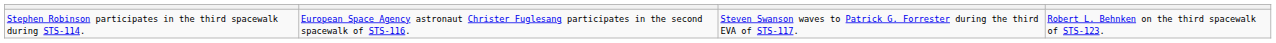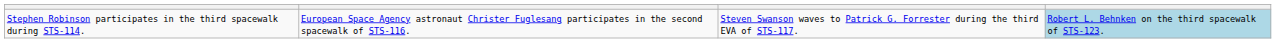 <table class="wikitable" style="margin:1em auto;">
 <tr>
 <th scope="col"></th>
 <th scope="col"></th>
 <th scope="col"></th>
 <th scope="col"></th>
 </tr>
 <tr>
 <td><small><a href='#'>Stephen Robinson</a> participates in the third spacewalk during <a href='#'>STS-114</a>.</small></td>
 <td><small><a href='#'>European Space Agency</a> astronaut <a href='#'>Christer Fuglesang</a> participates in the second spacewalk of <a href='#'>STS-116</a>.</small></td>
 <td><small><a href='#'>Steven Swanson</a> waves to <a href='#'>Patrick G. Forrester</a> during the third EVA of <a href='#'>STS-117</a>.</small></td>
-<td><small><a href='#'>Robert L. Behnken</a> on the third spacewalk of <a href='#'>STS-123</a>.</small></td>
+<td style="background: lightblue;"><small><a href='#'>Robert L. Behnken</a> on the third spacewalk of <a href='#'>STS-123</a>.</small></td>
 </tr>
 </table>
